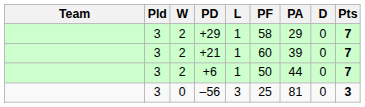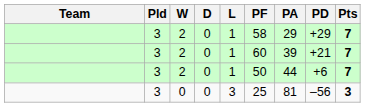 <table class="wikitable" style="text-align:center;">
 <tr>
 <th width=175>Team</th>
 <th width=25 abbr="Played">Pld</th>
 <th width=25 abbr="Won">W</th>
-<th width=32 abbr="Points difference">PD</th>
+<th width=25 abbr="Drawn">D</th>
 <th width=25 abbr="Lost">L</th>
 <th width=32 abbr="Points for">PF</th>
 <th width=32 abbr="Points against">PA</th>
-<th width=25 abbr="Drawn">D</th>
+<th width=32 abbr="Points difference">PD</th>
 <th width=25 abbr="Points">Pts</th>
 </tr>
 <tr bgcolor=ccffcc>
 <td align="left"></td>
 <td>3</td>
 <td>2</td>
-<td>+29</td>
+<td>0</td>
 <td>1</td>
 <td>58</td>
 <td>29</td>
-<td>0</td>
+<td>+29</td>
 <td><strong>7</strong></td>
 </tr>
 <tr bgcolor="ccffcc">
 <td align=left></td>
 <td>3</td>
 <td>2</td>
-<td>+21</td>
+<td>0</td>
 <td>1</td>
 <td>60</td>
 <td>39</td>
-<td>0</td>
+<td>+21</td>
 <td><strong>7</strong></td>
 </tr>
 <tr bgcolor="ccffcc">
 <td align="left"></td>
 <td>3</td>
 <td>2</td>
-<td>+6</td>
+<td>0</td>
 <td>1</td>
 <td>50</td>
 <td>44</td>
-<td>0</td>
+<td>+6</td>
 <td><strong>7</strong></td>
 </tr>
 <tr>
 <td align=left></td>
 <td>3</td>
 <td>0</td>
-<td>–56</td>
+<td>0</td>
 <td>3</td>
 <td>25</td>
 <td>81</td>
-<td>0</td>
+<td>–56</td>
 <td><strong>3</strong></td>
 </tr>
 </table>
